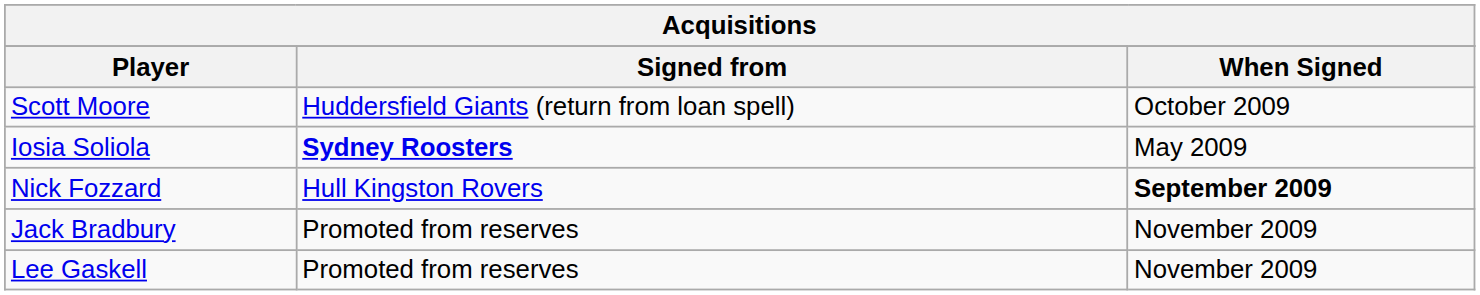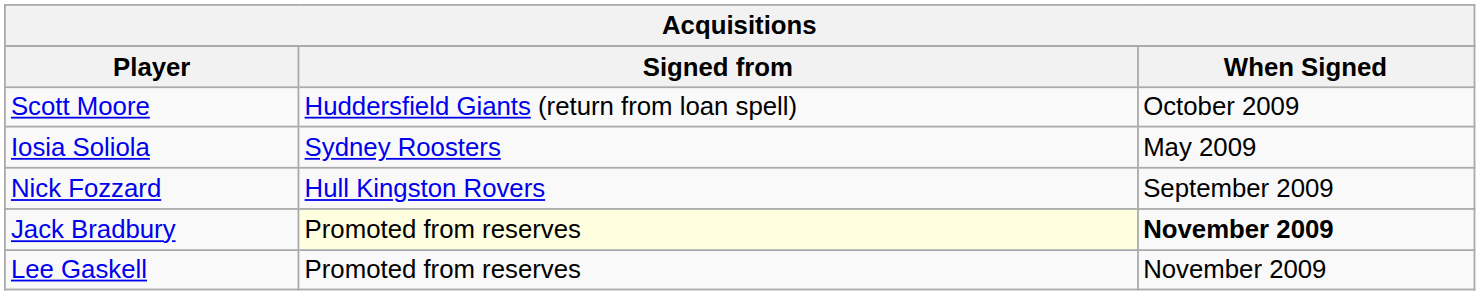 <table class="wikitable" width="65%" style="font-size:90%">
 <tr bgcolor="#efefef">
 <th colspan=11>Acquisitions</th>
 </tr>
 <tr bgcolor="#efefef">
 </tr>
 <tr>
 <th>Player</th>
 <th>Signed from</th>
 <th>When Signed</th>
 </tr>
 <tr>
 <td><a href='#'>Scott Moore</a></td>
 <td><a href='#'>Huddersfield Giants</a> (return from loan spell)</td>
 <td>October 2009</td>
 </tr>
 <tr>
 <td><a href='#'>Iosia Soliola</a></td>
-<td><strong><a href='#'>Sydney Roosters</a></strong></td>
+<td><a href='#'>Sydney Roosters</a></td>
 <td>May 2009</td>
 </tr>
 <tr>
 <td><a href='#'>Nick Fozzard</a></td>
 <td><a href='#'>Hull Kingston Rovers</a></td>
-<td><strong>September 2009</strong></td>
+<td>September 2009</td>
 </tr>
 <tr>
 <td><a href='#'>Jack Bradbury</a></td>
-<td>Promoted from reserves</td>
-<td>November 2009</td>
+<td style="background: lightyellow;">Promoted from reserves</td>
+<td><strong>November 2009</strong></td>
 </tr>
 <tr>
 <td><a href='#'>Lee Gaskell</a></td>
 <td>Promoted from reserves</td>
 <td>November 2009</td>
 </tr>
 </table>
